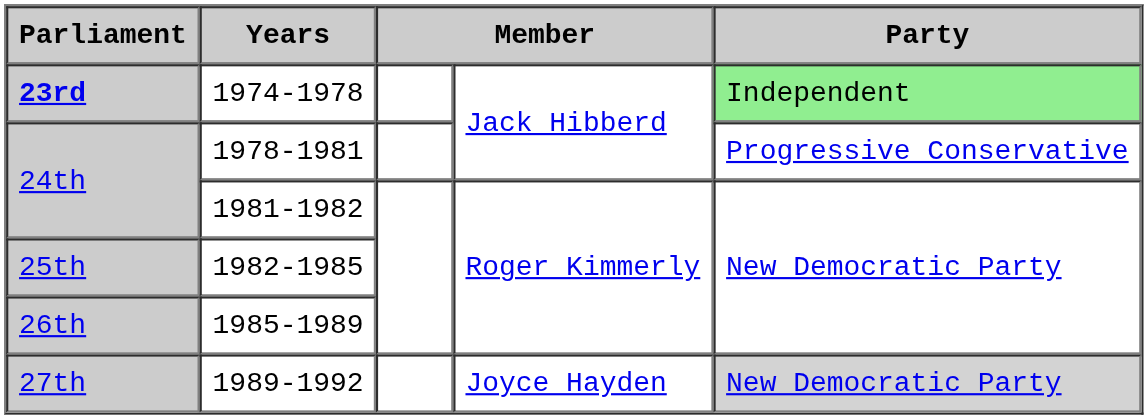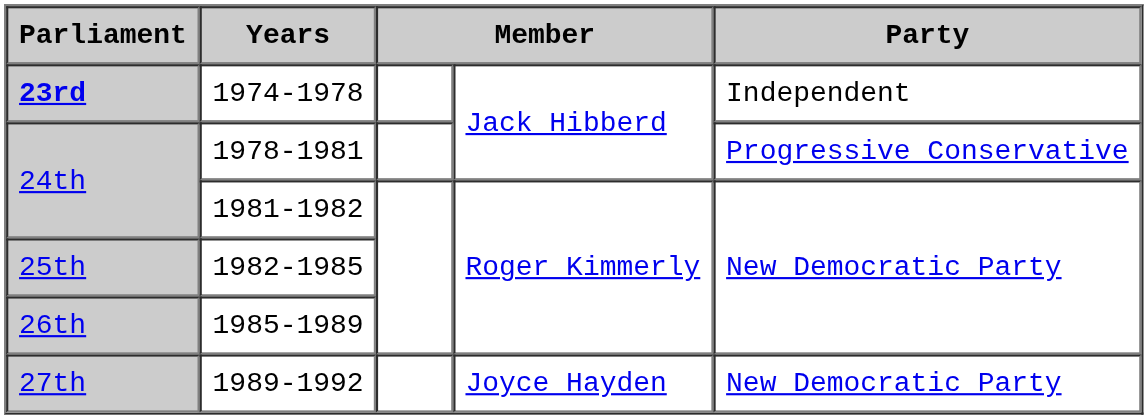 <table border=1 cellpadding=5 cellspacing=0>
 <tr bgcolor="CCCCCC">
 <th>Parliament</th>
 <th>Years</th>
 <th colspan="2">Member</th>
 <th>Party</th>
 </tr>
 <tr>
 <td bgcolor="CCCCCC"><strong><a href='#'>23rd</a></strong></td>
 <td>1974-1978</td>
 <td>   </td>
 <td rowspan="2"><a href='#'>Jack Hibberd</a></td>
-<td style="background: lightgreen;">Independent</td>
+<td>Independent</td>
 </tr>
 <tr>
 <td bgcolor="CCCCCC" rowspan="2"><a href='#'>24th</a></td>
 <td>1978-1981</td>
 <td>   </td>
 <td><a href='#'>Progressive Conservative</a></td>
 </tr>
 <tr>
 <td>1981-1982</td>
 <td rowspan="3" >   </td>
 <td rowspan="3"><a href='#'>Roger Kimmerly</a></td>
 <td rowspan="3"><a href='#'>New Democratic Party</a></td>
 </tr>
 <tr>
 <td bgcolor="CCCCCC"><a href='#'>25th</a></td>
 <td>1982-1985</td>
 </tr>
 <tr>
 <td bgcolor="CCCCCC"><a href='#'>26th</a></td>
 <td>1985-1989</td>
 </tr>
 <tr>
 <td bgcolor="CCCCCC"><a href='#'>27th</a></td>
 <td>1989-1992</td>
 <td>   </td>
 <td><a href='#'>Joyce Hayden</a></td>
-<td style="background: lightgrey;"><a href='#'>New Democratic Party</a></td>
+<td><a href='#'>New Democratic Party</a></td>
 </tr>
 </table>
